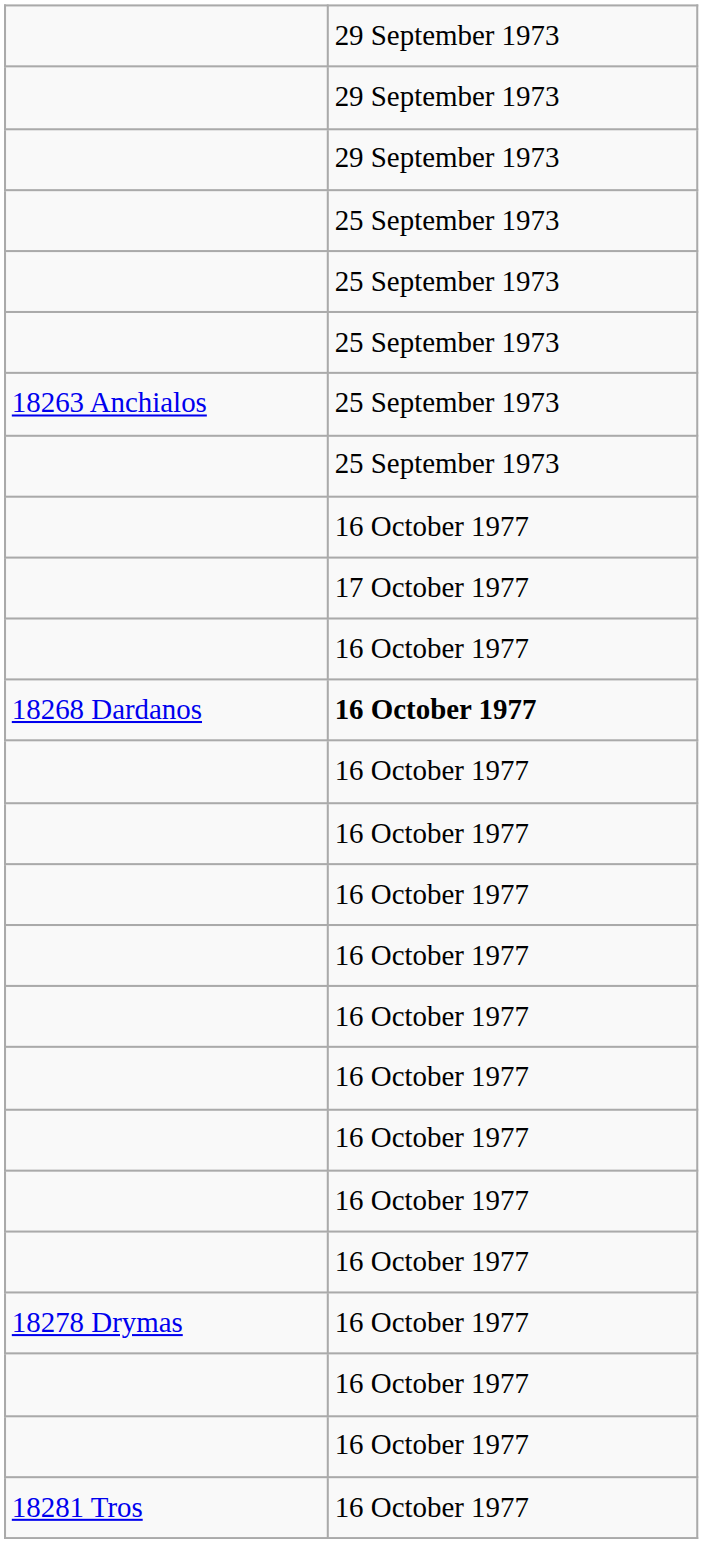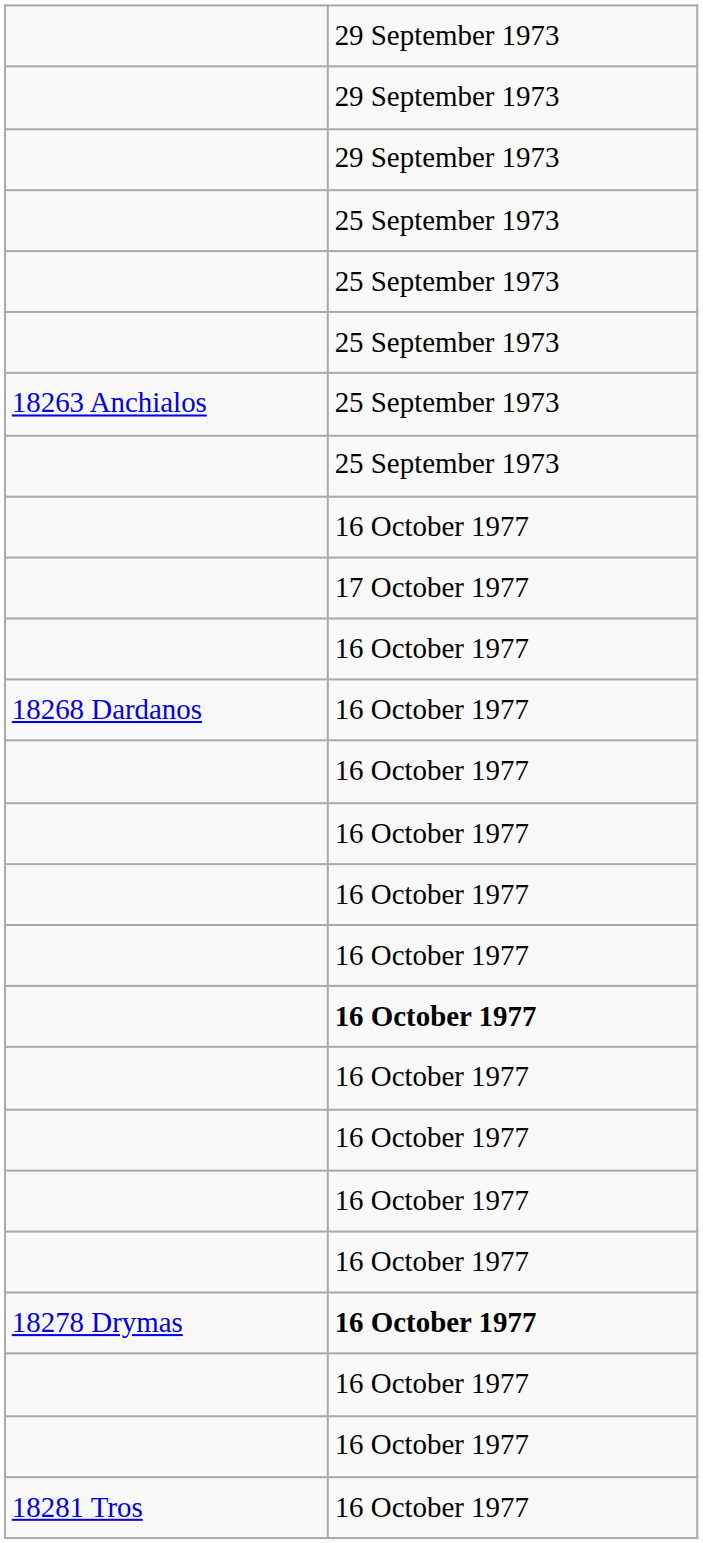 <table class="wikitable" style="font-size: 89%; float: left; width: 24em; margin-right: 1em; line-height: 1.65em">
 <tr>
 <td></td>
 <td>29 September 1973</td>
 </tr>
 <tr>
 <td></td>
 <td>29 September 1973</td>
 </tr>
 <tr>
 <td></td>
 <td>29 September 1973</td>
 </tr>
 <tr>
 <td></td>
 <td>25 September 1973</td>
 </tr>
 <tr>
 <td></td>
 <td>25 September 1973</td>
 </tr>
 <tr>
 <td></td>
 <td>25 September 1973</td>
 </tr>
 <tr>
 <td><a href='#'>18263 Anchialos</a></td>
 <td>25 September 1973</td>
 </tr>
 <tr>
 <td></td>
 <td>25 September 1973</td>
 </tr>
 <tr>
 <td></td>
 <td>16 October 1977</td>
 </tr>
 <tr>
 <td></td>
 <td>17 October 1977</td>
 </tr>
 <tr>
 <td></td>
 <td>16 October 1977</td>
 </tr>
 <tr>
 <td><a href='#'>18268 Dardanos</a></td>
-<td><strong>16 October 1977</strong></td>
-</tr>
-<tr>
-<td></td>
 <td>16 October 1977</td>
 </tr>
 <tr>
 <td></td>
 <td>16 October 1977</td>
 </tr>
 <tr>
 <td></td>
 <td>16 October 1977</td>
 </tr>
 <tr>
 <td></td>
 <td>16 October 1977</td>
 </tr>
 <tr>
 <td></td>
 <td>16 October 1977</td>
 </tr>
 <tr>
 <td></td>
+<td><strong>16 October 1977</strong></td>
+</tr>
+<tr>
+<td></td>
 <td>16 October 1977</td>
 </tr>
 <tr>
 <td></td>
 <td>16 October 1977</td>
 </tr>
 <tr>
 <td></td>
 <td>16 October 1977</td>
 </tr>
 <tr>
 <td></td>
 <td>16 October 1977</td>
 </tr>
 <tr>
 <td><a href='#'>18278 Drymas</a></td>
-<td>16 October 1977</td>
+<td><strong>16 October 1977</strong></td>
 </tr>
 <tr>
 <td></td>
 <td>16 October 1977</td>
 </tr>
 <tr>
 <td></td>
 <td>16 October 1977</td>
 </tr>
 <tr>
 <td><a href='#'>18281 Tros</a></td>
 <td>16 October 1977</td>
 </tr>
 </table>
